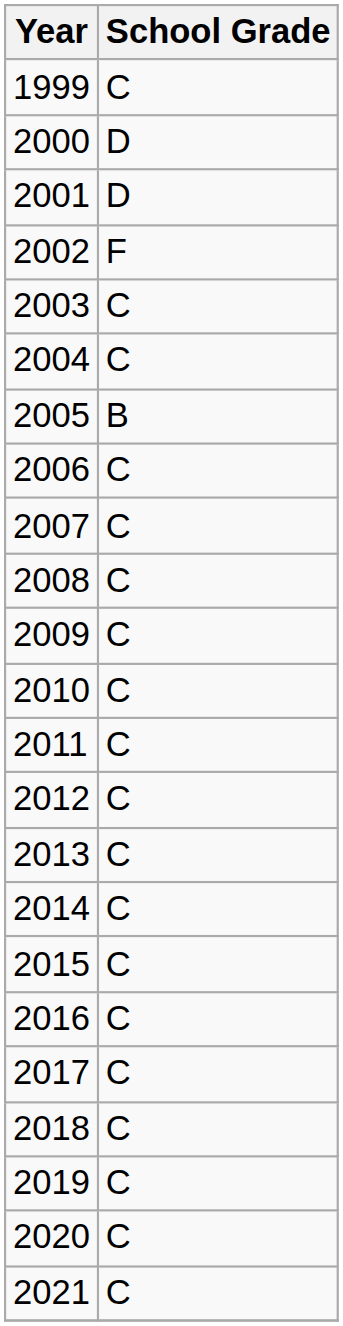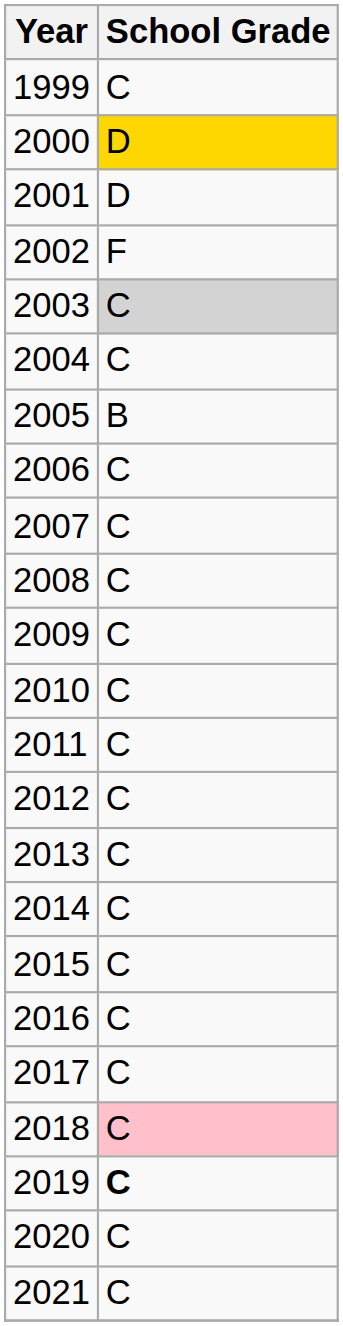 <table class="wikitable">
 <tr>
 <th>Year</th>
 <th>School Grade</th>
 </tr>
 <tr>
 <td>1999</td>
 <td>C</td>
 </tr>
 <tr>
 <td>2000</td>
-<td>D</td>
+<td style="background: gold;">D</td>
 </tr>
 <tr>
 <td>2001</td>
 <td>D</td>
 </tr>
 <tr>
 <td>2002</td>
 <td>F</td>
 </tr>
 <tr>
 <td>2003</td>
-<td>C</td>
+<td style="background: lightgrey;">C</td>
 </tr>
 <tr>
 <td>2004</td>
 <td>C</td>
 </tr>
 <tr>
 <td>2005</td>
 <td>B</td>
 </tr>
 <tr>
 <td>2006</td>
 <td>C</td>
 </tr>
 <tr>
 <td>2007</td>
 <td>C</td>
 </tr>
 <tr>
 <td>2008</td>
 <td>C</td>
 </tr>
 <tr>
 <td>2009</td>
 <td>C</td>
 </tr>
 <tr>
 <td>2010</td>
 <td>C</td>
 </tr>
 <tr>
 <td>2011</td>
 <td>C</td>
 </tr>
 <tr>
 <td>2012</td>
 <td>C</td>
 </tr>
 <tr>
 <td>2013</td>
 <td>C</td>
 </tr>
 <tr>
 <td>2014</td>
 <td>C</td>
 </tr>
 <tr>
 <td>2015</td>
 <td>C</td>
 </tr>
 <tr>
 <td>2016</td>
 <td>C</td>
 </tr>
 <tr>
 <td>2017</td>
 <td>C</td>
 </tr>
 <tr>
 <td>2018</td>
-<td>C</td>
+<td style="background: pink;">C</td>
 </tr>
 <tr>
 <td>2019</td>
-<td>C</td>
+<td><strong>C</strong></td>
 </tr>
 <tr>
 <td>2020</td>
 <td>C</td>
 </tr>
 <tr>
 <td>2021</td>
 <td>C</td>
 </tr>
 <tr>
 </tr>
 </table>
